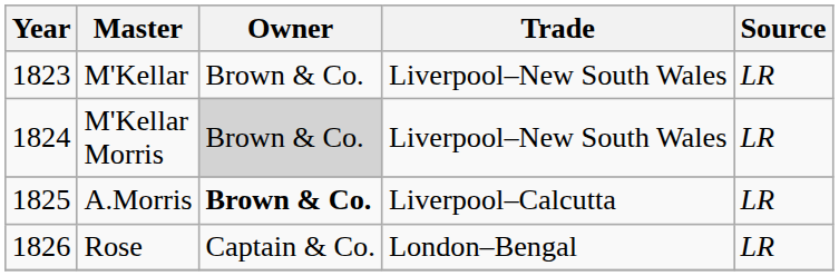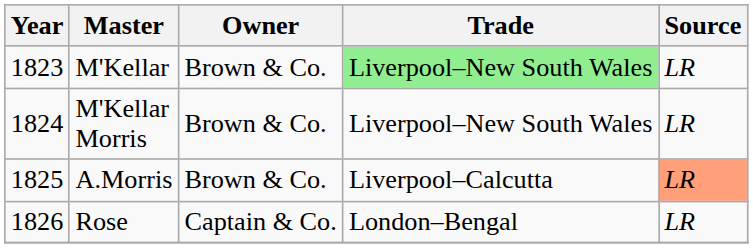 <table class=" wikitable">
 <tr>
 <th>Year</th>
 <th>Master</th>
 <th>Owner</th>
 <th>Trade</th>
 <th>Source</th>
 </tr>
 <tr>
 <td>1823</td>
 <td>M'Kellar</td>
 <td>Brown & Co.</td>
-<td>Liverpool–New South Wales</td>
+<td style="background: lightgreen;">Liverpool–New South Wales</td>
 <td><em>LR</em></td>
 </tr>
 <tr>
 <td>1824</td>
 <td>M'Kellar<br>Morris</td>
-<td style="background: lightgrey;">Brown & Co.</td>
+<td>Brown & Co.</td>
 <td>Liverpool–New South Wales</td>
 <td><em>LR</em></td>
 </tr>
 <tr>
 <td>1825</td>
 <td>A.Morris</td>
-<td><strong>Brown & Co.</strong></td>
+<td>Brown & Co.</td>
 <td>Liverpool–Calcutta</td>
-<td><em>LR</em></td>
+<td style="background: lightsalmon;"><em>LR</em></td>
 </tr>
 <tr>
 <td>1826</td>
 <td>Rose</td>
 <td>Captain & Co.</td>
 <td>London–Bengal</td>
 <td><em>LR</em></td>
 </tr>
 <tr>
 </tr>
 </table>
